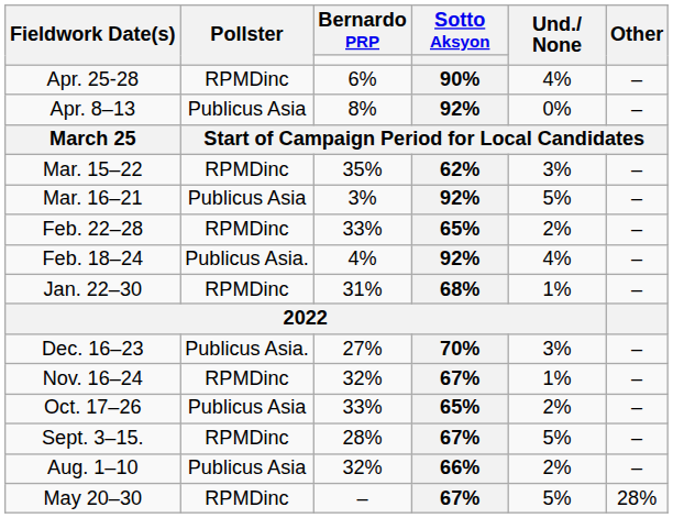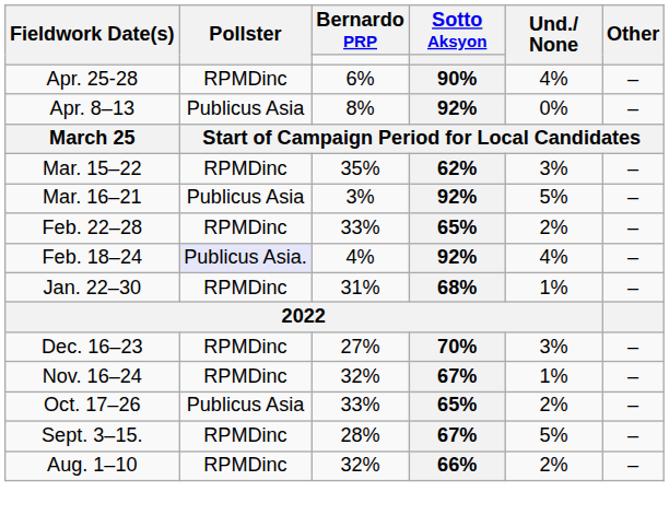 <table class="wikitable" style="text-align:center;font-size:85%;line-height:14px">
 <tr>
 <th rowspan="2">Fieldwork Date(s)</th>
 <th rowspan="2">Pollster</th>
 <th style="width:60px;">Bernardo<br><small><a href='#'>PRP</a></small></th>
 <th style="width:60px;"><a href='#'>Sotto</a><br><small><a href='#'>Aksyon</a></small></th>
 <th rowspan="2" style="width:60px;">Und./<br>None</th>
 <th rowspan="2">Other</th>
 </tr>
 <tr>
 <td style="background:"></td>
 <th style="background:"></th>
 </tr>
 <tr>
 <td>Apr. 25-28</td>
 <td>RPMDinc</td>
 <td>6%</td>
 <th style="background-color:#"><strong>90%</strong></th>
 <td>4%</td>
 <td>–</td>
 </tr>
 <tr>
 <td>Apr. 8–13</td>
 <td>Publicus Asia</td>
 <td>8%</td>
 <th style="background-color:#"><strong>92%</strong></th>
 <td>0%</td>
 <td>–</td>
 </tr>
 <tr>
 <th>March 25</th>
 <th colspan="5">Start of Campaign Period for Local Candidates</th>
 </tr>
 <tr>
 <td>Mar. 15–22</td>
 <td>RPMDinc</td>
 <td>35%</td>
 <th style="background-color:#"><strong>62%</strong></th>
 <td>3%</td>
 <td>–</td>
 </tr>
 <tr>
 <td>Mar. 16–21</td>
 <td>Publicus Asia</td>
 <td>3%</td>
 <th style="background-color:#"><strong>92%</strong></th>
 <td>5%</td>
 <td>–</td>
 </tr>
 <tr>
 <td>Feb. 22–28</td>
 <td>RPMDinc</td>
 <td>33%</td>
 <th style="background-color:#"><strong>65%</strong></th>
 <td>2%</td>
 <td>–</td>
 </tr>
 <tr>
 <td>Feb. 18–24</td>
-<td>Publicus Asia.</td>
+<td style="background: lavender;">Publicus Asia.</td>
 <td>4%</td>
 <th style="background-color:#"><strong>92%</strong></th>
 <td>4%</td>
 <td>–</td>
 </tr>
 <tr>
 <td>Jan. 22–30</td>
 <td>RPMDinc</td>
 <td>31%</td>
 <th style="background-color:#"><strong>68%</strong></th>
 <td>1%</td>
 <td>–</td>
 </tr>
 <tr>
 <th colspan="5">2022</th>
 <th></th>
 </tr>
 <tr>
 <td>Dec. 16–23</td>
-<td>Publicus Asia.</td>
+<td>RPMDinc</td>
 <td>27%</td>
 <th style="background-color:#"><strong>70%</strong></th>
 <td>3%</td>
 <td>–</td>
 </tr>
 <tr>
 <td>Nov. 16–24</td>
 <td>RPMDinc</td>
 <td>32%</td>
 <th style="background-color:#"><strong>67%</strong></th>
 <td>1%</td>
 <td>–</td>
 </tr>
 <tr>
 <td>Oct. 17–26</td>
 <td>Publicus Asia</td>
 <td>33%</td>
 <th style="background-color:#"><strong>65%</strong></th>
 <td>2%</td>
 <td>–</td>
 </tr>
 <tr>
 <td>Sept. 3–15.</td>
 <td>RPMDinc</td>
 <td>28%</td>
 <th style="background-color:#"><strong>67%</strong></th>
 <td>5%</td>
 <td>–</td>
 </tr>
 <tr>
 <td>Aug. 1–10</td>
-<td>Publicus Asia</td>
+<td>RPMDinc</td>
 <td>32%</td>
 <th style="background-color:#"><strong>66%</strong></th>
 <td>2%</td>
 <td>–</td>
 </tr>
-<tr>
-<td>May 20–30</td>
-<td>RPMDinc</td>
-<td>–</td>
-<th style="background-color:#"><strong>67%</strong></th>
-<td>5%</td>
-<td>28%</td>
-</tr>
 </table>
